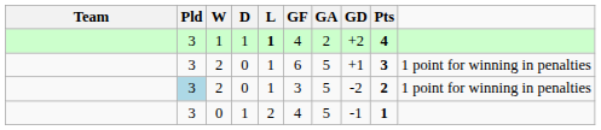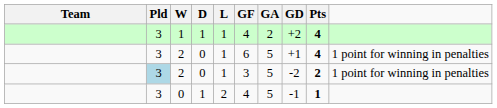 <table class="wikitable" style="text-align: center;">
 <tr>
 <th width=175>Team</th>
 <th width=20 abbr="Played">Pld</th>
 <th width=20 abbr="Won">W</th>
 <th width=20 abbr="Drawn">D</th>
 <th width=20 abbr="Lost">L</th>
 <th width=20 abbr="Goals for">GF</th>
 <th width=20 abbr="Goals against">GA</th>
 <th width=20 abbr="Goal difference">GD</th>
 <th width=20 abbr="Points">Pts</th>
 </tr>
 <tr bgcolor="#ccffcc">
 <td align=left></td>
 <td>3</td>
 <td>1</td>
 <td>1</td>
-<td><strong>1</strong></td>
+<td>1</td>
 <td>4</td>
 <td>2</td>
 <td>+2</td>
 <td><strong>4</strong></td>
 <td></td>
 </tr>
 <tr>
 <td align=left></td>
 <td>3</td>
 <td>2</td>
 <td>0</td>
 <td>1</td>
 <td>6</td>
 <td>5</td>
 <td>+1</td>
-<td><strong>3</strong></td>
+<td><strong>4</strong></td>
 <td>1 point for winning in penalties</td>
 </tr>
 <tr>
 <td align=left></td>
 <td style="background: lightblue;">3</td>
 <td>2</td>
 <td>0</td>
 <td>1</td>
 <td>3</td>
 <td>5</td>
 <td>-2</td>
 <td><strong>2</strong></td>
 <td>1 point for winning in penalties</td>
 </tr>
 <tr>
 <td align=left></td>
 <td>3</td>
 <td>0</td>
 <td>1</td>
 <td>2</td>
 <td>4</td>
 <td>5</td>
 <td>-1</td>
 <td><strong>1</strong></td>
 <td></td>
 </tr>
 </table>
